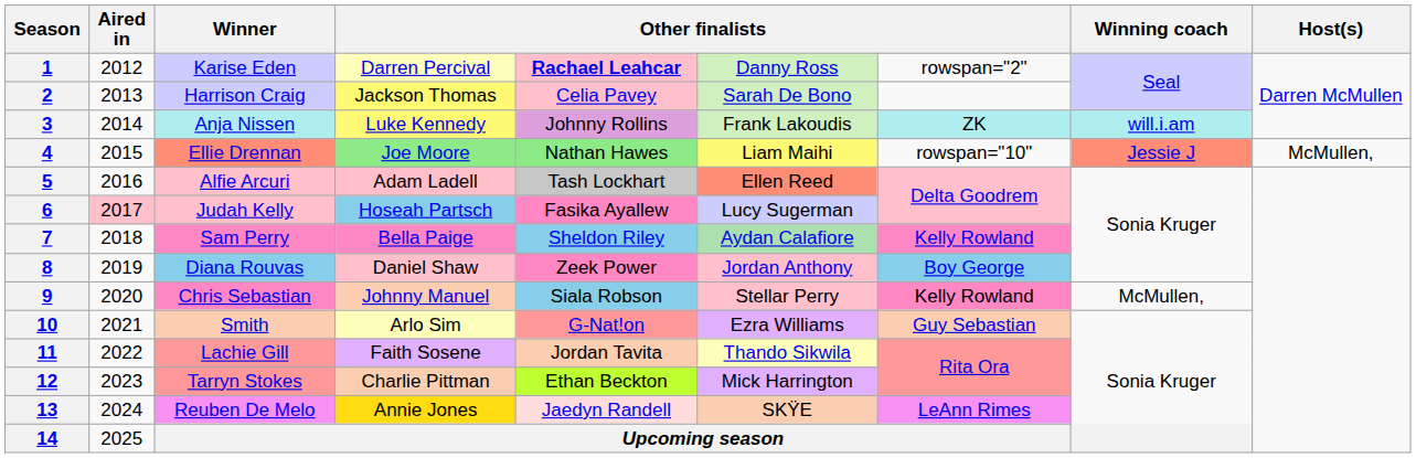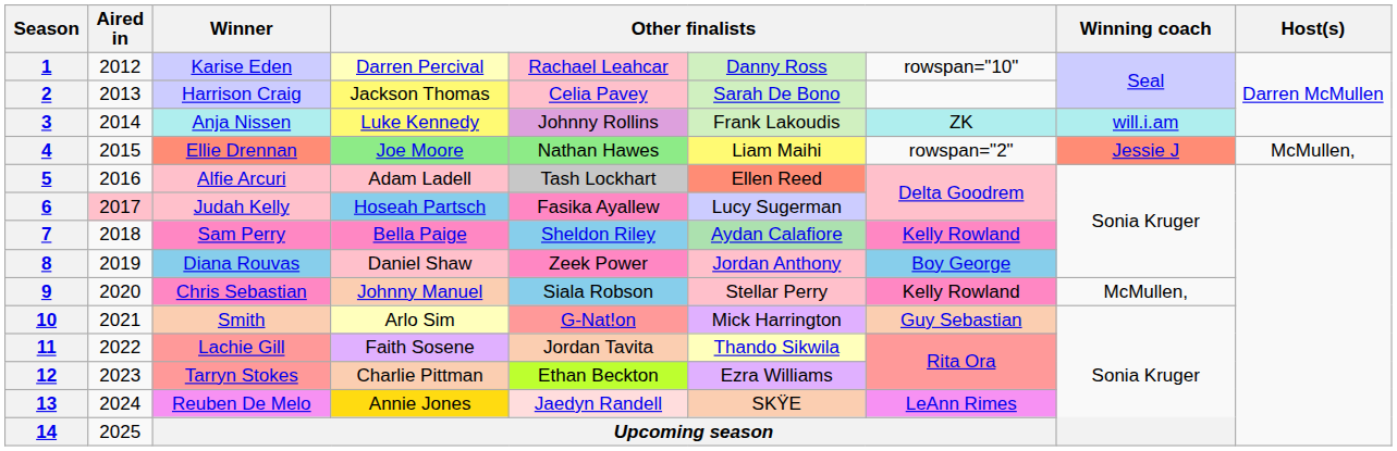 <table class="wikitable" style="text-align:center; font-size:95%; line-height:16px; width:90%">
 <tr>
 <th scope="col" style="width:1%">Season</th>
 <th scope="col" style="width:1%">Aired in</th>
 <th scope="col" style="width:8%">Winner</th>
 <th colspan="4">Other finalists</th>
 <th scope="col" style="width:8%">Winning coach</th>
 <th scope="col" style="width:7%">Host(s)</th>
 </tr>
 <tr>
 <th><a href='#'>1</a></th>
 <td>2012</td>
 <td style="background:#ccccff"><a href='#'>Karise Eden</a></td>
 <td style="background:#ffffbc"><a href='#'>Darren Percival</a></td>
-<td style="background: pink"><strong><a href='#'>Rachael Leahcar</a></strong></td>
+<td style="background: pink"><a href='#'>Rachael Leahcar</a></td>
 <td style="background:#d0f0c0"><a href='#'>Danny Ross</a></td>
-<td>rowspan="2" </td>
+<td>rowspan="10" </td>
 <td rowspan=2 style="background:#ccccff"><a href='#'>Seal</a></td>
 <td rowspan="3"><a href='#'>Darren McMullen</a></td>
 </tr>
 <tr>
 <th><a href='#'>2</a></th>
 <td>2013</td>
 <td style="background:#ccccff"><a href='#'>Harrison Craig</a></td>
 <td style="background:#fffa73; width:8%">Jackson Thomas</td>
 <td style="background:pink"><a href='#'>Celia Pavey</a></td>
 <td style="background:#d0f0c0"><a href='#'>Sarah De Bono</a></td>
 </tr>
 <tr>
 <th><a href='#'>3</a></th>
 <td>2014</td>
 <td style="background:#afeeee"><a href='#'>Anja Nissen</a></td>
 <td style="background:#fffa73"><a href='#'>Luke Kennedy</a></td>
 <td style="background:#dda0dd; width:8%">Johnny Rollins</td>
 <td style="background:#d0f0c0; width:8%">Frank Lakoudis</td>
 <td style="background:#afeeee; width:8%">ZK</td>
 <td style="background:#afeeee"><a href='#'>will.i.am</a></td>
 </tr>
 <tr>
 <th><a href='#'>4</a></th>
 <td>2015</td>
 <td style="background:#ff8c75"><a href='#'><span>Ellie Drennan</span></a></td>
 <td style="background:#8deb87"><a href='#'>Joe Moore</a></td>
 <td style="background:#8deb87">Nathan Hawes</td>
 <td style="background:#fffa73">Liam Maihi</td>
-<td>rowspan="10" </td>
+<td>rowspan="2" </td>
 <td style="background:#ff8c75"><a href='#'><span>Jessie J</span></a></td>
 <td>McMullen, </td>
 </tr>
 <tr>
 <th><a href='#'>5</a></th>
 <td>2016</td>
 <td style="background:pink"><a href='#'>Alfie Arcuri</a></td>
 <td style="background:pink">Adam Ladell</td>
 <td style="background:#c7c7c7">Tash Lockhart</td>
 <td style="background:#FF8C75">Ellen Reed</td>
 <td rowspan=2 style="background:pink"><a href='#'>Delta Goodrem</a></td>
 <td rowspan="4">Sonia Kruger</td>
 </tr>
 <tr>
 <th><a href='#'>6</a></th>
 <td style="background: pink;">2017</td>
 <td style="background:pink"><a href='#'>Judah Kelly</a></td>
 <td style="background:#87ceeb"><a href='#'>Hoseah Partsch</a></td>
 <td style="background:#FF87C3">Fasika Ayallew</td>
 <td style="background:#ccccff">Lucy Sugerman</td>
 </tr>
 <tr>
 <th><a href='#'>7</a></th>
 <td>2018</td>
 <td style="background:#FF87C3"><a href='#'>Sam Perry</a></td>
 <td style="background:#FF87C3"><a href='#'>Bella Paige</a></td>
 <td style="background:#87ceeb"><a href='#'>Sheldon Riley</a></td>
 <td style="background:#ace1af"><a href='#'>Aydan Calafiore</a></td>
 <td style="background:#FF87C3"><a href='#'>Kelly Rowland</a></td>
 </tr>
 <tr>
 <th><a href='#'>8</a></th>
 <td>2019</td>
 <td style="background:#87ceeb"><a href='#'>Diana Rouvas</a></td>
 <td style="background: pink">Daniel Shaw</td>
 <td style="background:#FF87C3">Zeek Power</td>
 <td style="background:pink"><a href='#'>Jordan Anthony</a></td>
 <td style="background:#87ceeb"><a href='#'>Boy George</a></td>
 </tr>
 <tr>
 <th scope="row"><a href='#'>9</a></th>
 <td>2020</td>
 <td style="background:#FF87C3"><a href='#'>Chris Sebastian</a></td>
 <td style="background:#fbceb1"><a href='#'>Johnny Manuel</a></td>
 <td style="background:#87ceeb">Siala Robson</td>
 <td style="background:pink">Stellar Perry</td>
 <td style="background:#FF87C3">Kelly Rowland</td>
 <td>McMullen, <a href='#'></a></td>
 </tr>
 <tr>
 <th scope="row"><a href='#'>10</a></th>
 <td>2021</td>
 <td style="background:#fbceb1"><a href='#'> Smith</a></td>
 <td style="background:#ffffbc">Arlo Sim</td>
 <td style="background:#ff9999"><a href='#'>G-Nat!on</a></td>
-<td style="background:#E0B0FF">Ezra Williams</td>
+<td style="background:#E0B0FF">Mick Harrington</td>
 <td style="background:#fbceb1"><a href='#'>Guy Sebastian</a></td>
 <td rowspan="5">Sonia Kruger</td>
 </tr>
 <tr>
 <th scope="row"><a href='#'>11</a></th>
 <td>2022</td>
 <td style="background:#ff9999"><a href='#'>Lachie Gill</a></td>
 <td style="background:#E0B0FF">Faith Sosene</td>
 <td style="background:#fbceb1">Jordan Tavita</td>
 <td style="background:#ffffbc"><a href='#'>Thando Sikwila</a></td>
 <td rowspan=2 style="background:#ff9999"><a href='#'>Rita Ora</a></td>
 </tr>
 <tr>
 <th scope="row"><a href='#'>12</a></th>
 <td>2023</td>
 <td style="background:#ff9999"><a href='#'>Tarryn Stokes</a></td>
 <td style="background:#fbceb1">Charlie Pittman</td>
 <td style="background:#bdff2f">Ethan Beckton</td>
-<td style="background:#E0B0FF">Mick Harrington</td>
+<td style="background:#E0B0FF">Ezra Williams</td>
 </tr>
 <tr>
 <th scope="row"><a href='#'>13</a></th>
 <td>2024</td>
 <td style="background:#f791f3"><a href='#'>Reuben De Melo</a></td>
 <td style="background:#ffdb11">Annie Jones</td>
 <td style="background:#ffdddd"><a href='#'>Jaedyn Randell</a></td>
 <td style="background:#fbceb1">SKŸE</td>
 <td style="background:#f791f3"><a href='#'>LeAnn Rimes</a></td>
 </tr>
 <tr>
 <th scope="row"><a href='#'>14</a></th>
 <td>2025</td>
 <th colspan="6"><em>Upcoming season</em></th>
 </tr>
 </table>
